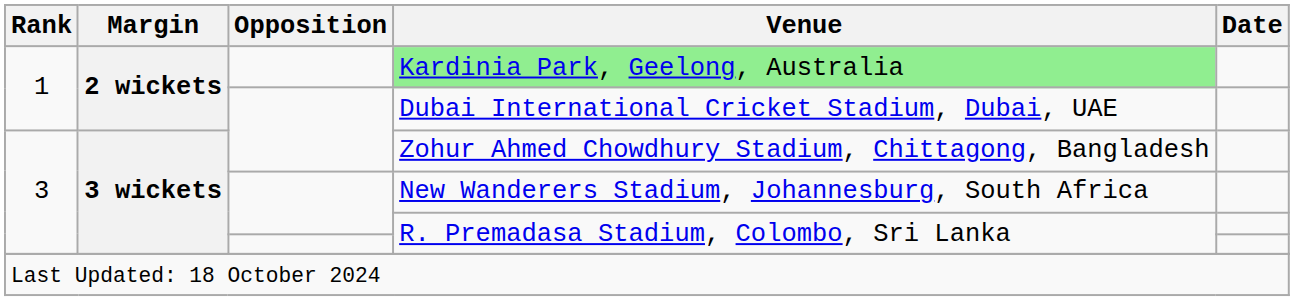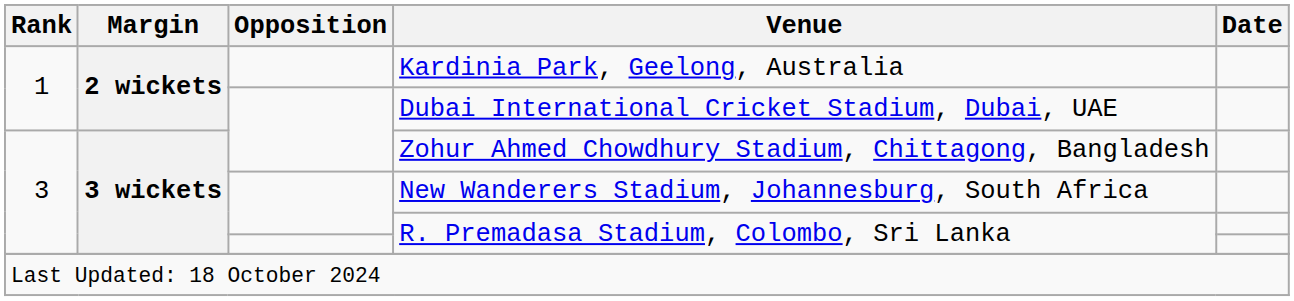 <table class="wikitable plainrowheaders sortable">
 <tr>
 <th scope=col>Rank</th>
 <th scope=col>Margin</th>
 <th scope=col>Opposition</th>
 <th scope=col>Venue</th>
 <th scope=col>Date</th>
 </tr>
 <tr>
 <td align=center rowspan=2>1</td>
 <th scope=row style=text-align:center rowspan=2>2 wickets</th>
 <td></td>
-<td style="background: lightgreen;"><a href='#'>Kardinia Park</a>, <a href='#'>Geelong</a>, Australia</td>
+<td><a href='#'>Kardinia Park</a>, <a href='#'>Geelong</a>, Australia</td>
 <td></td>
 </tr>
 <tr>
 <td rowspan=2></td>
 <td><a href='#'>Dubai International Cricket Stadium</a>, <a href='#'>Dubai</a>, UAE</td>
 <td> </td>
 </tr>
 <tr>
 <td align=center rowspan=4>3</td>
 <th scope=row style=text-align:center rowspan=4>3 wickets</th>
 <td><a href='#'>Zohur Ahmed Chowdhury Stadium</a>, <a href='#'>Chittagong</a>, Bangladesh</td>
 <td></td>
 </tr>
 <tr>
 <td rowspan=2></td>
 <td><a href='#'>New Wanderers Stadium</a>, <a href='#'>Johannesburg</a>, South Africa</td>
 <td></td>
 </tr>
 <tr>
 <td rowspan=2><a href='#'>R. Premadasa Stadium</a>, <a href='#'>Colombo</a>, Sri Lanka</td>
 <td></td>
 </tr>
 <tr>
 <td></td>
 <td></td>
 </tr>
 <tr>
 </tr>
 <tr class=sortbottom>
 <td colspan=6><small>Last Updated: 18 October 2024</small></td>
 </tr>
 </table>
